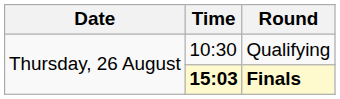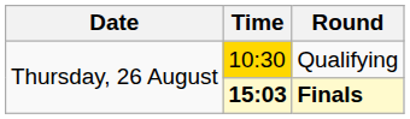 <table class="wikitable">
 <tr>
 <th>Date</th>
 <th>Time</th>
 <th>Round</th>
 </tr>
 <tr>
 <td rowspan=2>Thursday, 26 August</td>
-<td>10:30</td>
+<td style="background: gold;">10:30</td>
 <td>Qualifying</td>
 </tr>
 <tr style="background:lemonchiffon">
 <td><strong>15:03</strong></td>
 <td><strong>Finals</strong></td>
 </tr>
 </table>
